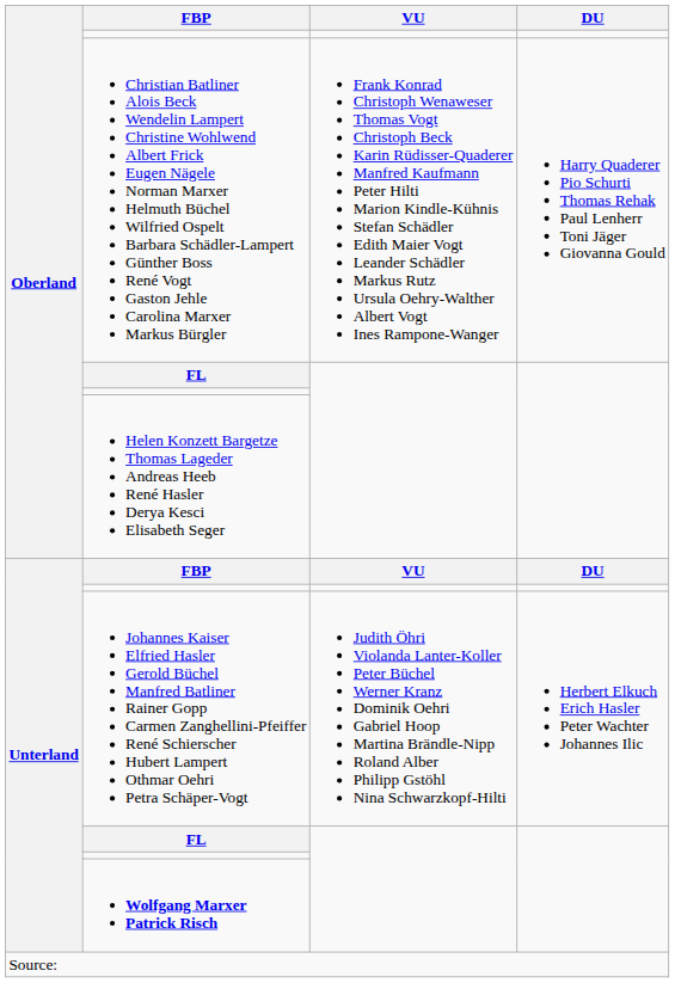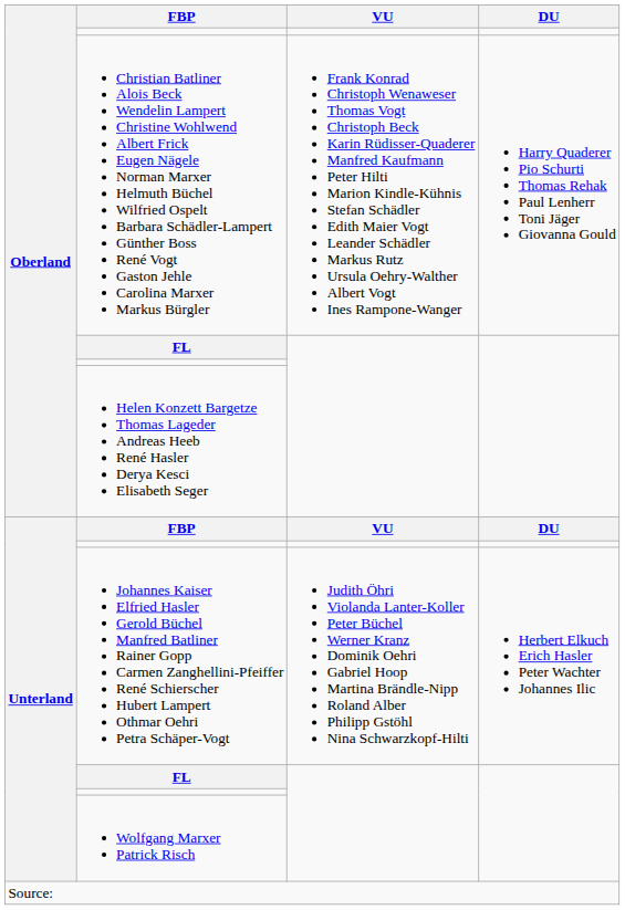 <table class="wikitable">
 <tr>
 <th rowspan="6"><a href='#'>Oberland</a></th>
 <th><a href='#'>FBP</a></th>
 <th><a href='#'>VU</a></th>
 <th><a href='#'>DU</a></th>
 </tr>
 <tr>
 <td></td>
 <td></td>
 <td></td>
 </tr>
 <tr>
 <td><br><ul><li><a href='#'>Christian Batliner</a></li><li><a href='#'>Alois Beck</a></li><li><a href='#'>Wendelin Lampert</a></li><li><a href='#'>Christine Wohlwend</a></li><li><a href='#'>Albert Frick</a></li><li><a href='#'>Eugen Nägele</a></li><li>Norman Marxer</li><li>Helmuth Büchel</li><li>Wilfried Ospelt</li><li>Barbara Schädler-Lampert</li><li>Günther Boss</li><li>René Vogt</li><li>Gaston Jehle</li><li>Carolina Marxer</li><li>Markus Bürgler</li></ul></td>
 <td><br><ul><li><a href='#'>Frank Konrad</a></li><li><a href='#'>Christoph Wenaweser</a></li><li><a href='#'>Thomas Vogt</a></li><li><a href='#'>Christoph Beck</a></li><li><a href='#'>Karin Rüdisser-Quaderer</a></li><li><a href='#'>Manfred Kaufmann</a></li><li>Peter Hilti</li><li>Marion Kindle-Kühnis</li><li>Stefan Schädler</li><li>Edith Maier Vogt</li><li>Leander Schädler</li><li>Markus Rutz</li><li>Ursula Oehry-Walther</li><li>Albert Vogt</li><li>Ines Rampone-Wanger</li></ul></td>
 <td><br><ul><li><a href='#'>Harry Quaderer</a></li><li><a href='#'>Pio Schurti</a></li><li><a href='#'>Thomas Rehak</a></li><li>Paul Lenherr</li><li>Toni Jäger</li><li>Giovanna Gould</li></ul></td>
 </tr>
 <tr>
 <th><a href='#'>FL</a></th>
 <td rowspan="3"></td>
 </tr>
 <tr>
 <td></td>
 </tr>
 <tr>
 <td><br><ul><li><a href='#'>Helen Konzett Bargetze</a></li><li><a href='#'>Thomas Lageder</a></li><li>Andreas Heeb</li><li>René Hasler</li><li>Derya Kesci</li><li>Elisabeth Seger</li></ul></td>
 </tr>
 <tr>
 <th rowspan="6"><a href='#'>Unterland</a></th>
 <th><a href='#'>FBP</a></th>
 <th><a href='#'>VU</a></th>
 <th><a href='#'>DU</a></th>
 </tr>
 <tr>
 <td></td>
 <td></td>
 <td></td>
 </tr>
 <tr>
 <td><br><ul><li><a href='#'>Johannes Kaiser</a></li><li><a href='#'>Elfried Hasler</a></li><li><a href='#'>Gerold Büchel</a></li><li><a href='#'>Manfred Batliner</a></li><li>Rainer Gopp</li><li>Carmen Zanghellini-Pfeiffer</li><li>René Schierscher</li><li>Hubert Lampert</li><li>Othmar Oehri</li><li>Petra Schäper-Vogt</li></ul></td>
 <td><br><ul><li><a href='#'>Judith Öhri</a></li><li><a href='#'>Violanda Lanter-Koller</a></li><li><a href='#'>Peter Büchel</a></li><li><a href='#'>Werner Kranz</a></li><li>Dominik Oehri</li><li>Gabriel Hoop</li><li>Martina Brändle-Nipp</li><li>Roland Alber</li><li>Philipp Gstöhl</li><li>Nina Schwarzkopf-Hilti</li></ul></td>
 <td><br><ul><li><a href='#'>Herbert Elkuch</a></li><li><a href='#'>Erich Hasler</a></li><li>Peter Wachter</li><li>Johannes Ilic</li></ul></td>
 </tr>
 <tr>
 <th><a href='#'>FL</a></th>
 <td rowspan="3"></td>
 </tr>
 <tr>
 <td></td>
 </tr>
 <tr>
-<td><strong><br><ul><li><a href='#'>Wolfgang Marxer</a></li><li><a href='#'>Patrick Risch</a></li></ul></strong></td>
+<td><br><ul><li><a href='#'>Wolfgang Marxer</a></li><li><a href='#'>Patrick Risch</a></li></ul></td>
 </tr>
 <tr>
 <td colspan="4">Source: </td>
 </tr>
 </table>
